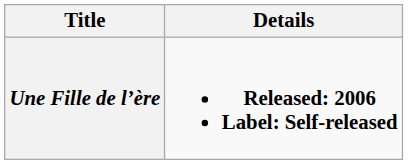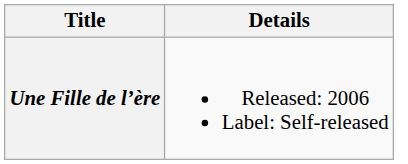 <table class="wikitable plainrowheaders" style="text-align:center;">
 <tr>
 <th>Title</th>
 <th>Details</th>
 </tr>
 <tr>
 <th scope="row"><em>Une Fille de l’ère</em></th>
-<td><strong><br><ul><li>Released: 2006</li><li>Label: Self-released</li></ul></strong></td>
+<td><br><ul><li>Released: 2006</li><li>Label: Self-released</li></ul></td>
 </tr>
 </table>
